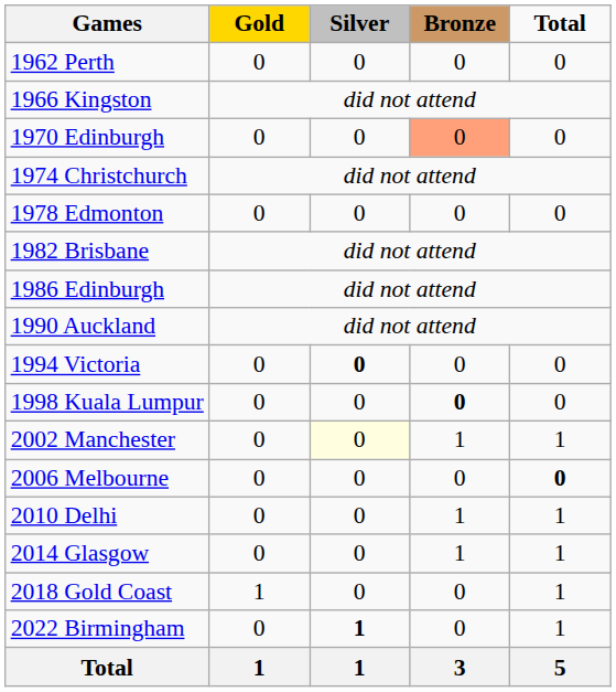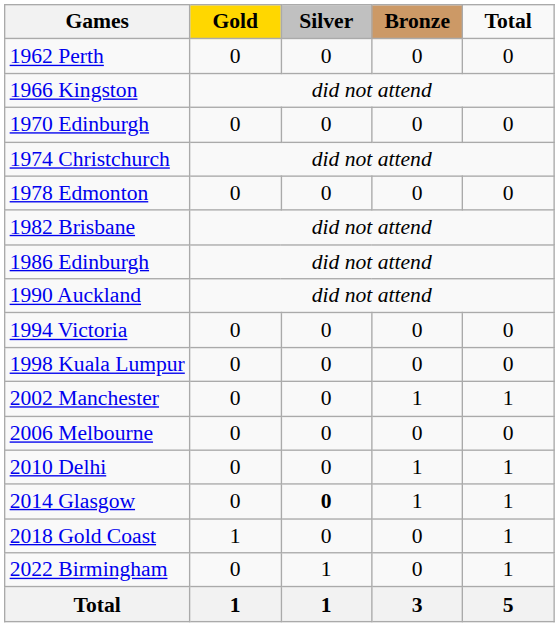 <table class="wikitable" style="text-align:center">
 <tr>
 <th>Games</th>
 <td width=60 bgcolor=gold><strong>Gold</strong></td>
 <td width=60 bgcolor=silver><strong>Silver</strong></td>
 <td width=60 bgcolor=cc9966><strong>Bronze</strong></td>
 <td width=60><strong>Total</strong></td>
 </tr>
 <tr>
 <td align=left><a href='#'>1962 Perth</a></td>
 <td>0</td>
 <td>0</td>
 <td>0</td>
 <td>0</td>
 </tr>
 <tr>
 <td align=left><a href='#'>1966 Kingston</a></td>
 <td colspan=4><em>did not attend</em></td>
 </tr>
 <tr>
 <td align=left><a href='#'>1970 Edinburgh</a></td>
 <td>0</td>
 <td>0</td>
-<td style="background: lightsalmon;">0</td>
+<td>0</td>
 <td>0</td>
 </tr>
 <tr>
 <td align=left><a href='#'>1974 Christchurch</a></td>
 <td colspan=4><em>did not attend</em></td>
 </tr>
 <tr>
 <td align=left><a href='#'>1978 Edmonton</a></td>
 <td>0</td>
 <td>0</td>
 <td>0</td>
 <td>0</td>
 </tr>
 <tr>
 <td align=left><a href='#'>1982 Brisbane</a></td>
 <td colspan=4><em>did not attend</em></td>
 </tr>
 <tr>
 <td align=left><a href='#'>1986 Edinburgh</a></td>
 <td colspan=4><em>did not attend</em></td>
 </tr>
 <tr>
 <td align=left><a href='#'>1990 Auckland</a></td>
 <td colspan=4><em>did not attend</em></td>
 </tr>
 <tr>
 <td align=left><a href='#'>1994 Victoria</a></td>
 <td>0</td>
-<td><strong>0</strong></td>
+<td>0</td>
 <td>0</td>
 <td>0</td>
 </tr>
 <tr>
 <td align=left><a href='#'>1998 Kuala Lumpur</a></td>
 <td>0</td>
 <td>0</td>
-<td><strong>0</strong></td>
+<td>0</td>
 <td>0</td>
 </tr>
 <tr>
 <td align=left><a href='#'>2002 Manchester</a></td>
 <td>0</td>
-<td style="background: lightyellow;">0</td>
+<td>0</td>
 <td>1</td>
 <td>1</td>
 </tr>
 <tr>
 <td align=left><a href='#'>2006 Melbourne</a></td>
 <td>0</td>
 <td>0</td>
 <td>0</td>
-<td><strong>0</strong></td>
+<td>0</td>
 </tr>
 <tr>
 <td align=left><a href='#'>2010 Delhi</a></td>
 <td>0</td>
 <td>0</td>
 <td>1</td>
 <td>1</td>
 </tr>
 <tr>
 <td align=left><a href='#'>2014 Glasgow</a></td>
 <td>0</td>
-<td>0</td>
+<td><strong>0</strong></td>
 <td>1</td>
 <td>1</td>
 </tr>
 <tr>
 <td align=left><a href='#'>2018 Gold Coast</a></td>
 <td>1</td>
 <td>0</td>
 <td>0</td>
 <td>1</td>
 </tr>
 <tr>
 <td align=left><a href='#'>2022 Birmingham</a></td>
 <td>0</td>
-<td><strong>1</strong></td>
+<td>1</td>
 <td>0</td>
 <td>1</td>
 </tr>
 <tr>
 <th>Total</th>
 <th>1</th>
 <th>1</th>
 <th>3</th>
 <th>5</th>
 </tr>
 </table>
